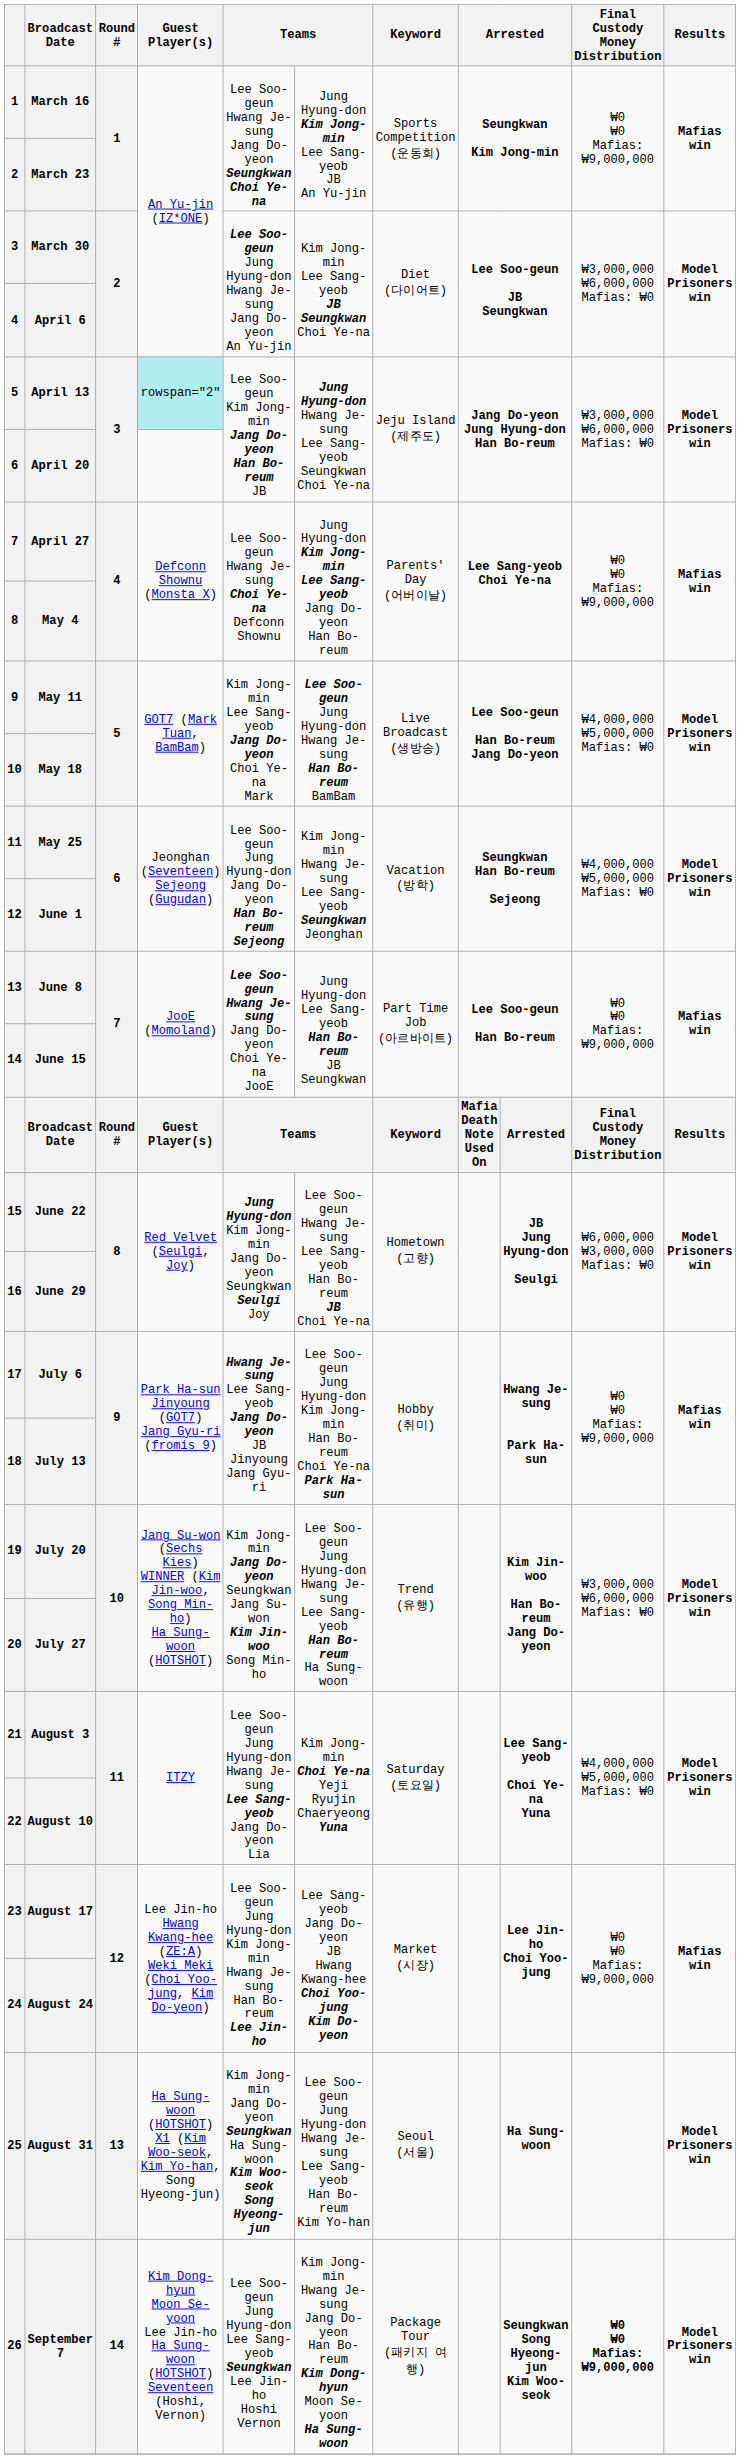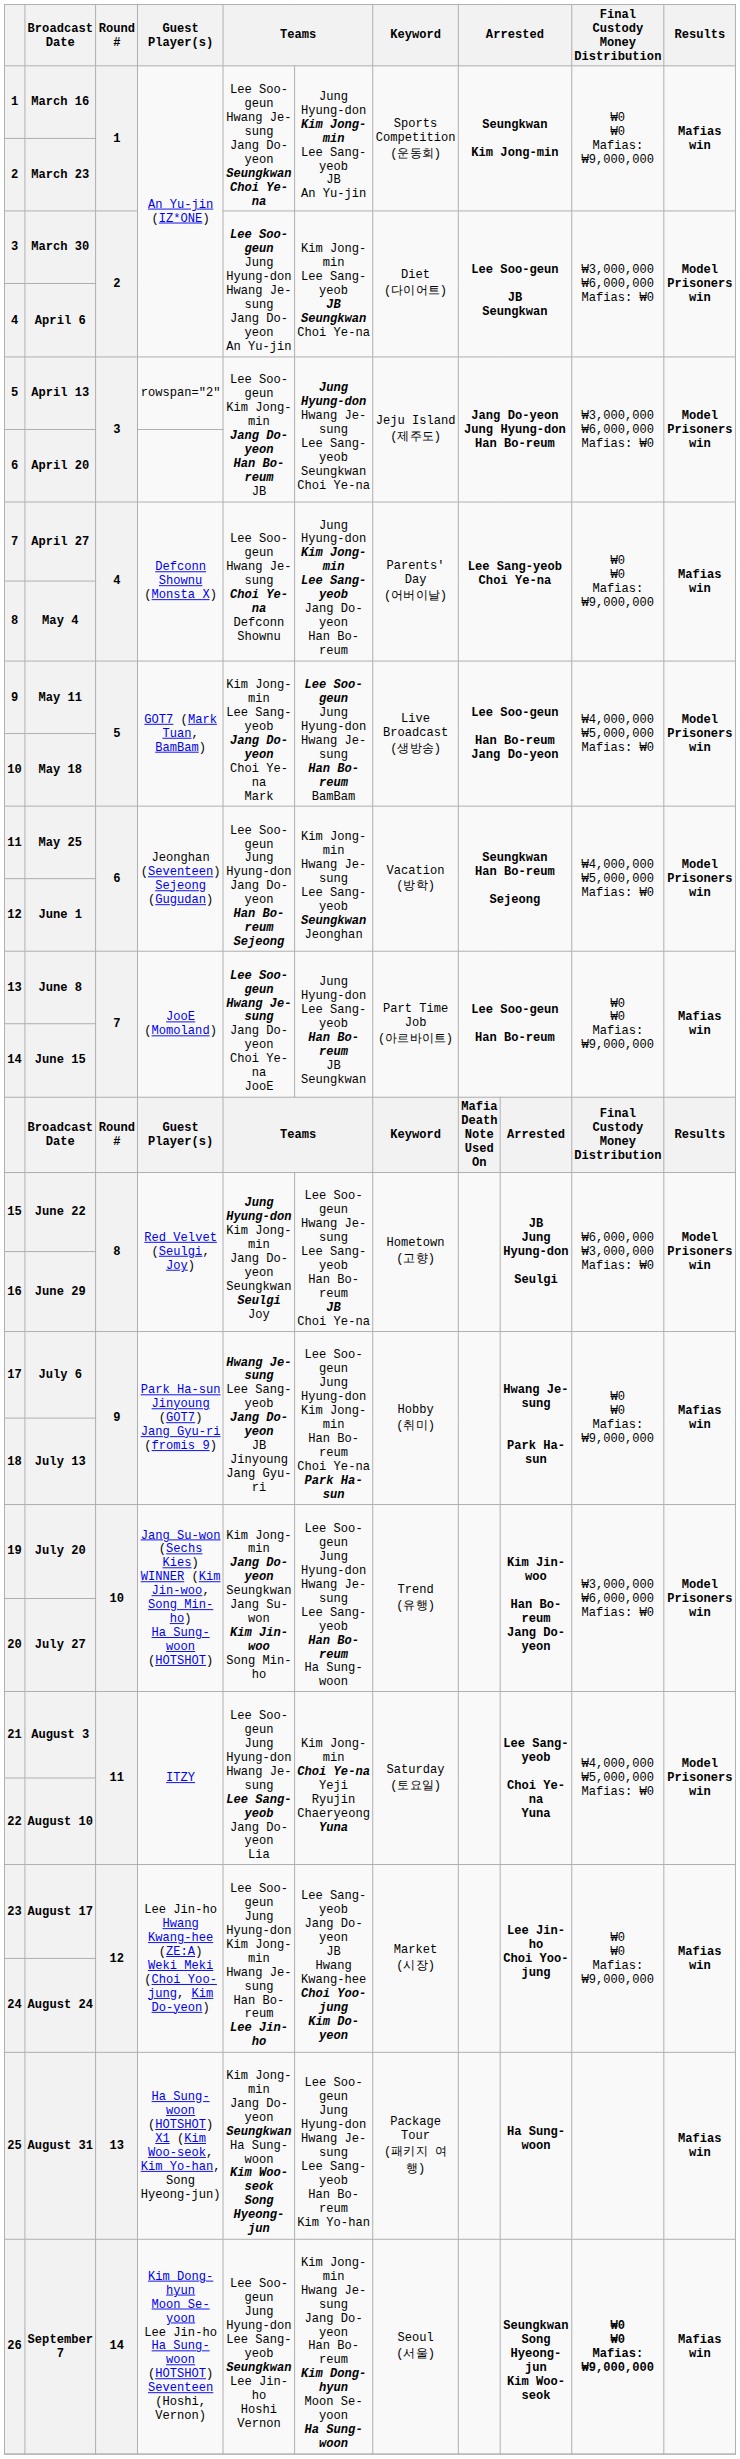 <table Class ="wikitable" style="text-align:center">
 <tr>
 <th></th>
 <th>Broadcast Date</th>
 <th>Round #</th>
 <th>Guest Player(s)</th>
 <th colspan="2">Teams</th>
 <th>Keyword</th>
 <th colspan="2">Arrested</th>
 <th>Final Custody Money Distribution</th>
 <th>Results</th>
 </tr>
 <tr>
 <th>1</th>
 <th>March 16</th>
 <th rowspan="2">1</th>
 <td rowspan="4"><a href='#'>An Yu-jin</a> (<a href='#'>IZ*ONE</a>)</td>
 <td rowspan="2"><br>Lee Soo-geun<br>Hwang Je-sung<br>Jang Do-yeon<br><strong><em>Seungkwan</em></strong><br><strong><em>Choi Ye-na</em></strong></td>
 <td rowspan="2"><br>Jung Hyung-don<br><strong><em>Kim Jong-min</em></strong><br>Lee Sang-yeob<br>JB<br>An Yu-jin</td>
 <td rowspan="2">Sports Competition<br>(운동회)</td>
 <td colspan="2" rowspan="2"><strong>Seungkwan</strong><br><br><strong>Kim Jong-min</strong><br></td>
 <td rowspan="2"> ₩0<br> ₩0<br>Mafias: ₩9,000,000</td>
 <td rowspan="2"><strong>Mafias win</strong><br></td>
 </tr>
 <tr>
 <th>2</th>
 <th>March 23</th>
 </tr>
 <tr>
 <th>3</th>
 <th>March 30</th>
 <th rowspan="2">2</th>
 <td rowspan="2"><br><strong><em>Lee Soo-geun</em></strong><br>Jung Hyung-don<br>Hwang Je-sung<br>Jang Do-yeon<br>An Yu-jin</td>
 <td rowspan="2"><br>Kim Jong-min<br>Lee Sang-yeob<br><strong><em>JB</em></strong><br><strong><em>Seungkwan</em></strong><br>Choi Ye-na</td>
 <td rowspan="2">Diet<br>(다이어트)</td>
 <td colspan="2" rowspan="2"><br><strong>Lee Soo-geun</strong><br><br><strong>JB</strong><br><strong>Seungkwan</strong></td>
 <td rowspan="2"> ₩3,000,000<br> ₩6,000,000<br>Mafias: ₩0</td>
 <td rowspan="2"><strong>Model Prisoners win</strong> <br></td>
 </tr>
 <tr>
 <th>4</th>
 <th>April 6</th>
 </tr>
 <tr>
 <th>5</th>
 <th>April 13</th>
 <th rowspan="2">3</th>
-<td style="background: paleturquoise;">rowspan="2" </td>
+<td>rowspan="2" </td>
 <td rowspan="2"><br>Lee Soo-geun<br>Kim Jong-min<br><strong><em>Jang Do-yeon</em></strong><br><strong><em>Han Bo-reum</em></strong><br>JB</td>
 <td rowspan="2"><br><strong><em>Jung Hyung-don</em></strong><br>Hwang Je-sung<br>Lee Sang-yeob<br>Seungkwan<br>Choi Ye-na</td>
 <td rowspan="2">Jeju Island<br>(제주도)</td>
 <td colspan="2" rowspan="2"><strong>Jang Do-yeon</strong><br><strong>Jung Hyung-don</strong><br><strong>Han Bo-reum</strong></td>
 <td rowspan="2"> ₩3,000,000<br> ₩6,000,000<br>Mafias: ₩0</td>
 <td rowspan="2"><strong>Model Prisoners win</strong> <br></td>
 </tr>
 <tr>
 <th>6</th>
 <th>April 20</th>
 </tr>
 <tr>
 <th>7</th>
 <th>April 27</th>
 <th rowspan="2">4</th>
 <td rowspan="2"><a href='#'>Defconn</a><br> <a href='#'>Shownu</a> (<a href='#'>Monsta X</a>)</td>
 <td rowspan="2"><br>Lee Soo-geun<br>Hwang Je-sung<br><strong><em>Choi Ye-na</em></strong><br>Defconn<br>Shownu</td>
 <td rowspan="2"><br>Jung Hyung-don<br><strong><em>Kim Jong-min</em></strong><br><strong><em>Lee Sang-yeob</em></strong><br>Jang Do-yeon<br>Han Bo-reum</td>
 <td rowspan="2">Parents' Day<br>(어버이날)</td>
 <td colspan="2" rowspan="2"><strong>Lee Sang-yeob</strong><br><strong>Choi Ye-na</strong><br><br></td>
 <td rowspan="2"> ₩0<br> ₩0<br>Mafias: ₩9,000,000</td>
 <td rowspan="2"><strong>Mafias win</strong> <br></td>
 </tr>
 <tr>
 <th>8</th>
 <th>May 4</th>
 </tr>
 <tr>
 <th>9</th>
 <th>May 11</th>
 <th rowspan="2">5</th>
 <td rowspan="2"><a href='#'>GOT7</a> (<a href='#'>Mark Tuan</a>, <a href='#'>BamBam</a>)</td>
 <td rowspan="2"><br>Kim Jong-min<br>Lee Sang-yeob<br><strong><em>Jang Do-yeon</em></strong><br>Choi Ye-na<br>Mark</td>
 <td rowspan="2"><br><strong><em>Lee Soo-geun</em></strong><br>Jung Hyung-don<br>Hwang Je-sung<br><strong><em>Han Bo-reum</em></strong><br>BamBam</td>
 <td rowspan="2">Live Broadcast<br>(생방송)</td>
 <td colspan="2" rowspan="2"><strong>Lee Soo-geun</strong><br><br><strong>Han Bo-reum</strong><br><strong>Jang Do-yeon</strong></td>
 <td rowspan="2"> ₩4,000,000<br> ₩5,000,000<br>Mafias: ₩0</td>
 <td rowspan="2"><strong>Model Prisoners win</strong> <br></td>
 </tr>
 <tr>
 <th>10</th>
 <th>May 18</th>
 </tr>
 <tr>
 <th>11</th>
 <th>May 25</th>
 <th rowspan="2">6</th>
 <td rowspan="2">Jeonghan (<a href='#'>Seventeen</a>)<br><a href='#'>Sejeong</a> (<a href='#'>Gugudan</a>)</td>
 <td rowspan="2"><br>Lee Soo-geun<br>Jung Hyung-don<br>Jang Do-yeon<br><strong><em>Han Bo-reum</em></strong><br><strong><em>Sejeong</em></strong></td>
 <td rowspan="2"><br>Kim Jong-min<br>Hwang Je-sung<br>Lee Sang-yeob<br><strong><em>Seungkwan</em></strong><br>Jeonghan</td>
 <td rowspan="2">Vacation<br>(방학)</td>
 <td colspan="2" rowspan="2"><strong>Seungkwan</strong><br><strong>Han Bo-reum</strong><br><br><strong>Sejeong</strong></td>
 <td rowspan="2"> ₩4,000,000<br> ₩5,000,000<br>Mafias: ₩0</td>
 <td rowspan="2"><strong>Model Prisoners win</strong> <br></td>
 </tr>
 <tr>
 <th>12</th>
 <th>June 1</th>
 </tr>
 <tr>
 <th>13</th>
 <th>June 8</th>
 <th rowspan="2">7</th>
 <td rowspan="2"><a href='#'>JooE</a> (<a href='#'>Momoland</a>)</td>
 <td rowspan="2"><br><strong><em>Lee Soo-geun</em></strong><br><strong><em>Hwang Je-sung</em></strong><br>Jang Do-yeon<br>Choi Ye-na<br>JooE</td>
 <td rowspan="2"><br>Jung Hyung-don<br>Lee Sang-yeob<br><strong><em>Han Bo-reum</em></strong><br>JB<br>Seungkwan</td>
 <td rowspan="2">Part Time Job<br>(아르바이트)</td>
 <td colspan="2" rowspan="2"><strong>Lee Soo-geun</strong><br><br><strong>Han Bo-reum</strong><br></td>
 <td rowspan="2"> ₩0<br> ₩0<br>Mafias: ₩9,000,000</td>
 <td rowspan="2"><strong>Mafias win</strong> <br></td>
 </tr>
 <tr>
 <th>14</th>
 <th>June 15</th>
 </tr>
 <tr>
 <th></th>
 <th>Broadcast Date</th>
 <th>Round #</th>
 <th>Guest Player(s)</th>
 <th colspan="2">Teams</th>
 <th>Keyword</th>
 <th>Mafia Death Note<br>Used On</th>
 <th>Arrested</th>
 <th>Final Custody Money Distribution</th>
 <th>Results</th>
 </tr>
 <tr>
 <th>15</th>
 <th>June 22</th>
 <th rowspan="2">8</th>
 <td rowspan="2"><a href='#'>Red Velvet</a> (<a href='#'>Seulgi</a>, <a href='#'>Joy</a>)</td>
 <td rowspan="2"><br><strong><em>Jung Hyung-don</em></strong><br>Kim Jong-min<br>Jang Do-yeon<br>Seungkwan<br><strong><em>Seulgi</em></strong><br>Joy</td>
 <td rowspan="2"><br>Lee Soo-geun<br>Hwang Je-sung<br>Lee Sang-yeob<br>Han Bo-reum<br><strong><em>JB</em></strong><br>Choi Ye-na</td>
 <td rowspan="2">Hometown<br>(고향)</td>
 <td rowspan="2"></td>
 <td rowspan="2"><strong>JB</strong><br><strong>Jung Hyung-don</strong><br><br><strong>Seulgi</strong></td>
 <td rowspan="2"> ₩6,000,000<br> ₩3,000,000<br>Mafias: ₩0</td>
 <td rowspan="2"><strong>Model Prisoners win</strong> <br></td>
 </tr>
 <tr>
 <th>16</th>
 <th>June 29</th>
 </tr>
 <tr>
 <th>17</th>
 <th>July 6</th>
 <th rowspan="2">9</th>
 <td rowspan="2"><a href='#'>Park Ha-sun</a><br><a href='#'>Jinyoung</a> (<a href='#'>GOT7</a>)<br><a href='#'>Jang Gyu-ri</a> (<a href='#'>fromis 9</a>)</td>
 <td rowspan="2"><br><strong><em>Hwang Je-sung</em></strong><br>Lee Sang-yeob<br><strong><em>Jang Do-yeon</em></strong><br>JB<br>Jinyoung<br>Jang Gyu-ri</td>
 <td rowspan="2"><br>Lee Soo-geun<br>Jung Hyung-don<br>Kim Jong-min<br>Han Bo-reum<br>Choi Ye-na<br><strong><em>Park Ha-sun</em></strong></td>
 <td rowspan="2">Hobby<br>(취미)</td>
 <td rowspan="2"></td>
 <td rowspan="2"><br><strong>Hwang Je-sung</strong><br><br><br><strong>Park Ha-sun</strong></td>
 <td rowspan="2"> ₩0<br> ₩0<br>Mafias: ₩9,000,000</td>
 <td rowspan="2"><strong>Mafias win</strong> <br></td>
 </tr>
 <tr>
 <th>18</th>
 <th>July 13</th>
 </tr>
 <tr>
 <th>19</th>
 <th>July 20</th>
 <th rowspan="2">10</th>
 <td rowspan="2"><a href='#'>Jang Su-won</a> (<a href='#'>Sechs Kies</a>)<br><a href='#'>WINNER</a> (<a href='#'>Kim Jin-woo</a>, <a href='#'>Song Min-ho</a>)<br><a href='#'>Ha Sung-woon</a> (<a href='#'>HOTSHOT</a>)</td>
 <td rowspan="2"><br>Kim Jong-min<br><strong><em>Jang Do-yeon</em></strong><br>Seungkwan<br>Jang Su-won<br><strong><em>Kim Jin-woo</em></strong><br>Song Min-ho</td>
 <td rowspan="2"><br>Lee Soo-geun<br>Jung Hyung-don<br>Hwang Je-sung<br>Lee Sang-yeob<br><strong><em>Han Bo-reum</em></strong><br>Ha Sung-woon</td>
 <td rowspan="2">Trend<br>(유행)</td>
 <td rowspan="2"></td>
 <td rowspan="2"><br><strong>Kim Jin-woo</strong><br><br><strong>Han Bo-reum</strong><br><strong>Jang Do-yeon</strong></td>
 <td rowspan="2"> ₩3,000,000<br> ₩6,000,000<br>Mafias: ₩0</td>
 <td rowspan="2"><strong>Model Prisoners win</strong> <br></td>
 </tr>
 <tr>
 <th>20</th>
 <th>July 27</th>
 </tr>
 <tr>
 <th>21</th>
 <th>August 3</th>
 <th rowspan="2">11</th>
 <td rowspan="2"><a href='#'>ITZY</a></td>
 <td rowspan="2"><br>Lee Soo-geun<br>Jung Hyung-don<br>Hwang Je-sung<br><strong><em>Lee Sang-yeob</em></strong><br>Jang Do-yeon<br>Lia</td>
 <td rowspan="2"><br>Kim Jong-min<br><strong><em>Choi Ye-na</em></strong><br>Yeji<br>Ryujin<br>Chaeryeong<br><strong><em>Yuna</em></strong></td>
 <td rowspan="2">Saturday<br>(토요일)</td>
 <td rowspan="2"></td>
 <td rowspan="2"><strong>Lee Sang-yeob</strong><br><br><strong>Choi Ye-na</strong><br><strong>Yuna</strong></td>
 <td rowspan="2"> ₩4,000,000<br> ₩5,000,000<br>Mafias: ₩0</td>
 <td rowspan="2"><strong>Model Prisoners win</strong> <br></td>
 </tr>
 <tr>
 <th>22</th>
 <th>August 10</th>
 </tr>
 <tr>
 <th>23</th>
 <th>August 17</th>
 <th rowspan="2">12</th>
 <td rowspan="2">Lee Jin-ho<br><a href='#'>Hwang Kwang-hee</a> (<a href='#'>ZE:A</a>)<br><a href='#'>Weki Meki</a> (<a href='#'>Choi Yoo-jung</a>, <a href='#'>Kim Do-yeon</a>)</td>
 <td rowspan="2"><br>Lee Soo-geun<br>Jung Hyung-don<br>Kim Jong-min<br>Hwang Je-sung<br>Han Bo-reum<br><strong><em>Lee Jin-ho</em></strong></td>
 <td rowspan="2"><br>Lee Sang-yeob<br>Jang Do-yeon<br>JB<br>Hwang Kwang-hee<br><strong><em>Choi Yoo-jung</em></strong><br><strong><em>Kim Do-yeon</em></strong></td>
 <td rowspan="2">Market<br>(시장)</td>
 <td rowspan="2"></td>
 <td rowspan="2"><strong>Lee Jin-ho</strong><br><strong>Choi Yoo-jung</strong><br><br></td>
 <td rowspan="2"> ₩0<br> ₩0<br>Mafias: ₩9,000,000</td>
 <td rowspan="2"><strong>Mafias win</strong> <br></td>
 </tr>
 <tr>
 <th>24</th>
 <th>August 24</th>
 </tr>
 <tr>
 <th>25</th>
 <th>August 31</th>
 <th>13</th>
 <td><a href='#'>Ha Sung-woon</a> (<a href='#'>HOTSHOT</a>)<br><a href='#'>X1</a> (<a href='#'>Kim Woo-seok</a>, <a href='#'>Kim Yo-han</a>, Song Hyeong-jun)</td>
 <td><br>Kim Jong-min<br>Jang Do-yeon<br><strong><em>Seungkwan</em></strong><br>Ha Sung-woon<br><strong><em>Kim Woo-seok</em></strong><br><strong><em>Song Hyeong-jun</em></strong></td>
 <td><br>Lee Soo-geun<br>Jung Hyung-don<br>Hwang Je-sung<br>Lee Sang-yeob<br>Han Bo-reum<br>Kim Yo-han</td>
-<td>Seoul<br>(서울)</td>
+<td>Package Tour<br>(패키지 여행)</td>
 <td></td>
 <td><strong>Ha Sung-woon</strong><br><br></td>
 <td></td>
-<td><strong>Model Prisoners win</strong> <br></td>
+<td><strong>Mafias win</strong> <br></td>
 </tr>
 <tr>
 <th>26</th>
 <th>September 7</th>
 <th>14</th>
 <td><a href='#'>Kim Dong-hyun</a><br><a href='#'>Moon Se-yoon</a><br>Lee Jin-ho<br><a href='#'>Ha Sung-woon</a> (<a href='#'>HOTSHOT</a>)<br><a href='#'>Seventeen</a> (Hoshi, Vernon)</td>
 <td><br>Lee Soo-geun<br>Jung Hyung-don<br>Lee Sang-yeob<br><strong><em>Seungkwan</em></strong><br>Lee Jin-ho<br>Hoshi<br>Vernon</td>
 <td><br>Kim Jong-min<br>Hwang Je-sung<br>Jang Do-yeon<br>Han Bo-reum<br><strong><em>Kim Dong-hyun</em></strong><br>Moon Se-yoon<br><strong><em>Ha Sung-woon</em></strong></td>
-<td>Package Tour<br>(패키지 여행)</td>
+<td>Seoul<br>(서울)</td>
 <td><br></td>
 <td><br><br><strong>Seungkwan</strong><br><strong>Song Hyeong-jun</strong><br><strong>Kim Woo-seok</strong></td>
 <td><strong> ₩0<br> ₩0<br>Mafias: ₩9,000,000</strong></td>
-<td><strong>Model Prisoners win</strong> <br></td>
+<td><strong>Mafias win</strong> <br></td>
 </tr>
 <tr>
 </tr>
 </table>
